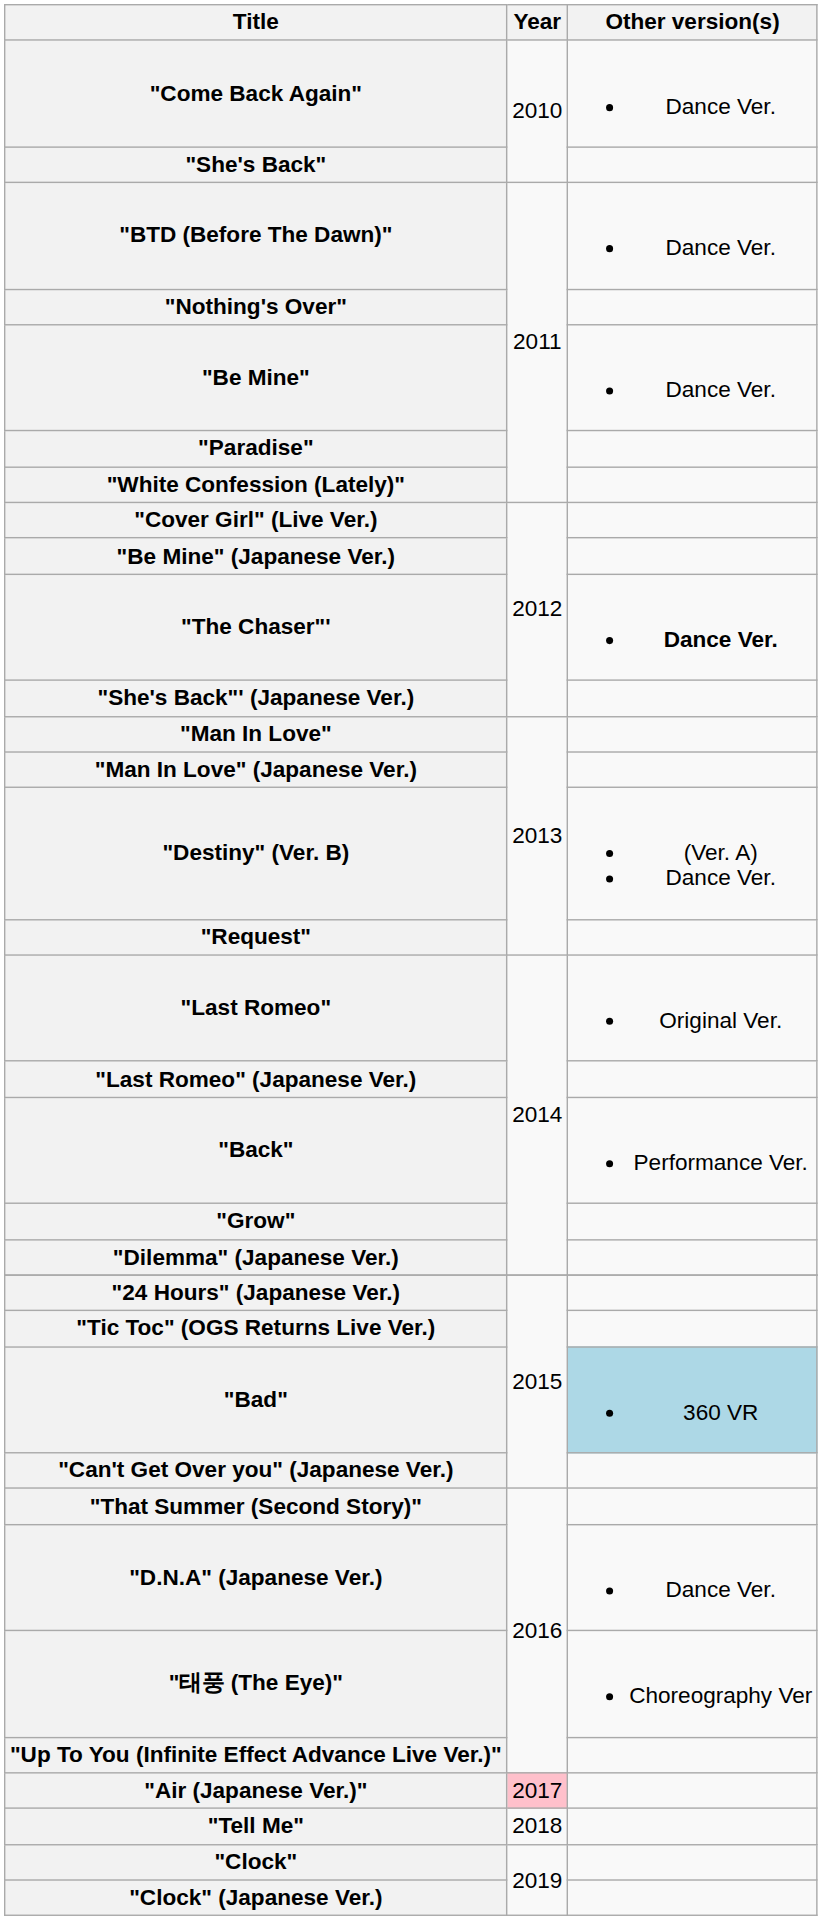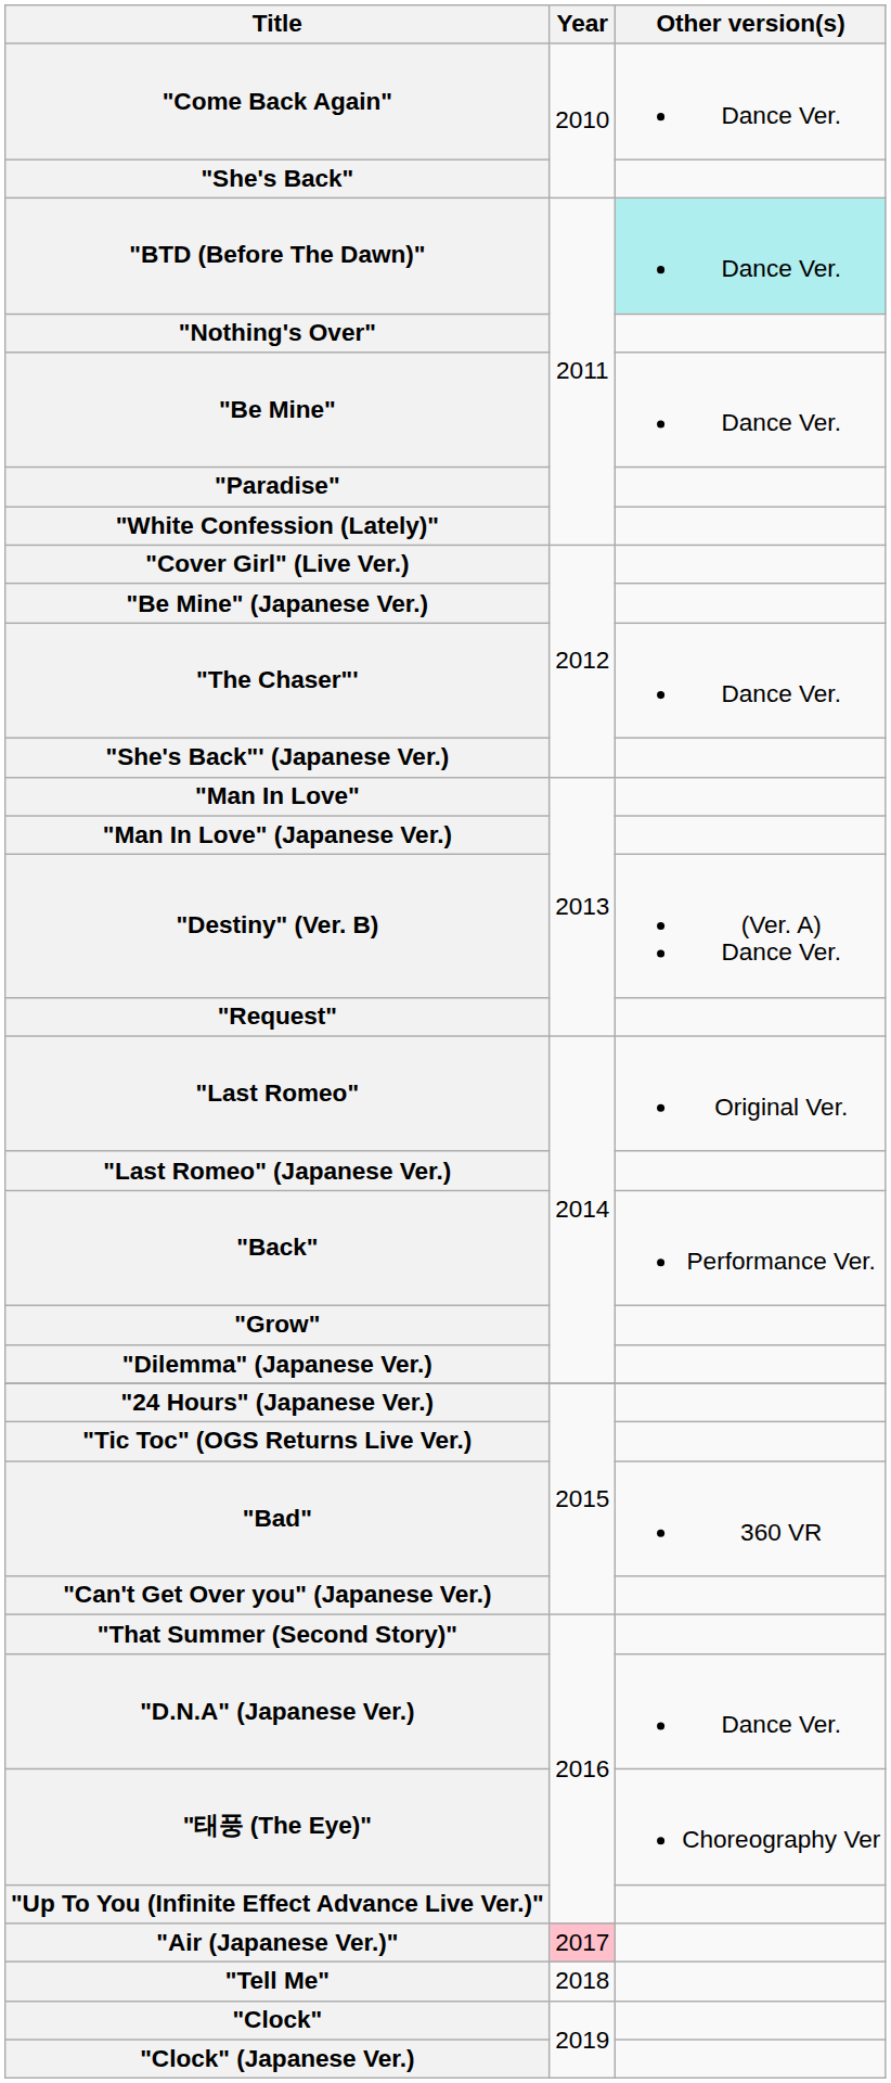 <table class="wikitable plainrowheaders" style="text-align:center;">
 <tr>
 <th scope="col">Title</th>
 <th scope="col">Year</th>
 <th scope="col">Other version(s)</th>
 </tr>
 <tr>
 <th scope="row">"Come Back Again"</th>
 <td rowspan="2">2010</td>
 <td><br><ul><li>Dance Ver.</li></ul></td>
 </tr>
 <tr>
 <th scope="row">"She's Back"</th>
 <td></td>
 </tr>
 <tr>
 <th scope="row">"BTD (Before The Dawn)"</th>
 <td rowspan="5">2011</td>
-<td><br><ul><li>Dance Ver.</li></ul></td>
+<td style="background: paleturquoise;"><br><ul><li>Dance Ver.</li></ul></td>
 </tr>
 <tr>
 <th scope="row">"Nothing's Over"</th>
 <td></td>
 </tr>
 <tr>
 <th scope="row">"Be Mine"</th>
 <td><br><ul><li>Dance Ver.</li></ul></td>
 </tr>
 <tr>
 <th scope="row">"Paradise"</th>
 <td></td>
 </tr>
 <tr>
 <th scope="row">"White Confession (Lately)"</th>
 <td></td>
 </tr>
 <tr>
 <th scope="row">"Cover Girl" (Live Ver.)</th>
 <td rowspan="4">2012</td>
 <td></td>
 </tr>
 <tr>
 <th scope="row">"Be Mine" (Japanese Ver.)</th>
 <td></td>
 </tr>
 <tr>
 <th scope="row">"The Chaser"'</th>
-<td><strong><br><ul><li>Dance Ver.</li></ul></strong></td>
+<td><br><ul><li>Dance Ver.</li></ul></td>
 </tr>
 <tr>
 <th scope="row">"She's Back"' (Japanese Ver.)</th>
 <td></td>
 </tr>
 <tr>
 <th scope="row">"Man In Love"</th>
 <td rowspan="4">2013</td>
 <td></td>
 </tr>
 <tr>
 <th scope="row">"Man In Love" (Japanese Ver.)</th>
 <td></td>
 </tr>
 <tr>
 <th scope="row">"Destiny" (Ver. B)</th>
 <td><br><ul><li>(Ver. A)</li><li>Dance Ver.</li></ul></td>
 </tr>
 <tr>
 <th scope="row">"Request"</th>
 <td></td>
 </tr>
 <tr>
 <th scope="row">"Last Romeo"</th>
 <td rowspan="5">2014</td>
 <td><br><ul><li>Original Ver.</li></ul></td>
 </tr>
 <tr>
 <th scope="row">"Last Romeo" (Japanese Ver.)</th>
 <td></td>
 </tr>
 <tr>
 <th scope="row">"Back"</th>
 <td><br><ul><li>Performance Ver.</li></ul></td>
 </tr>
 <tr>
 <th scope="row">"Grow"</th>
 <td></td>
 </tr>
 <tr>
 <th scope="row">"Dilemma" (Japanese Ver.)</th>
 <td></td>
 </tr>
 <tr>
 </tr>
 <tr>
 <th scope="row">"24 Hours" (Japanese Ver.)</th>
 <td rowspan="4">2015</td>
 <td></td>
 </tr>
 <tr>
 <th scope="row">"Tic Toc" (OGS Returns Live Ver.)</th>
 <td></td>
 </tr>
 <tr>
 <th scope="row">"Bad"</th>
-<td style="background: lightblue;"><br><ul><li>360 VR</li></ul></td>
+<td><br><ul><li>360 VR</li></ul></td>
 </tr>
 <tr>
 <th scope="row">"Can't Get Over you" (Japanese Ver.)</th>
 <td></td>
 </tr>
 <tr>
 <th scope="row">"That Summer (Second Story)"</th>
 <td rowspan="4">2016</td>
 <td></td>
 </tr>
 <tr>
 <th scope="row">"D.N.A" (Japanese Ver.)</th>
 <td><br><ul><li>Dance Ver.</li></ul></td>
 </tr>
 <tr>
 <th scope="row">"태풍 (The Eye)"</th>
 <td><br><ul><li>Choreography Ver</li></ul></td>
 </tr>
 <tr>
 <th scope="row">"Up To You (Infinite Effect Advance Live Ver.)"</th>
 <td></td>
 </tr>
 <tr>
 <th scope="row">"Air (Japanese Ver.)"</th>
 <td style="background: pink;">2017</td>
 <td></td>
 </tr>
 <tr>
 <th scope="row">"Tell Me"</th>
 <td>2018</td>
 <td></td>
 </tr>
 <tr>
 <th scope="row">"Clock"</th>
 <td rowspan="2">2019</td>
 <td></td>
 </tr>
 <tr>
 <th scope="row">"Clock" (Japanese Ver.)</th>
 <td></td>
 </tr>
 </table>
